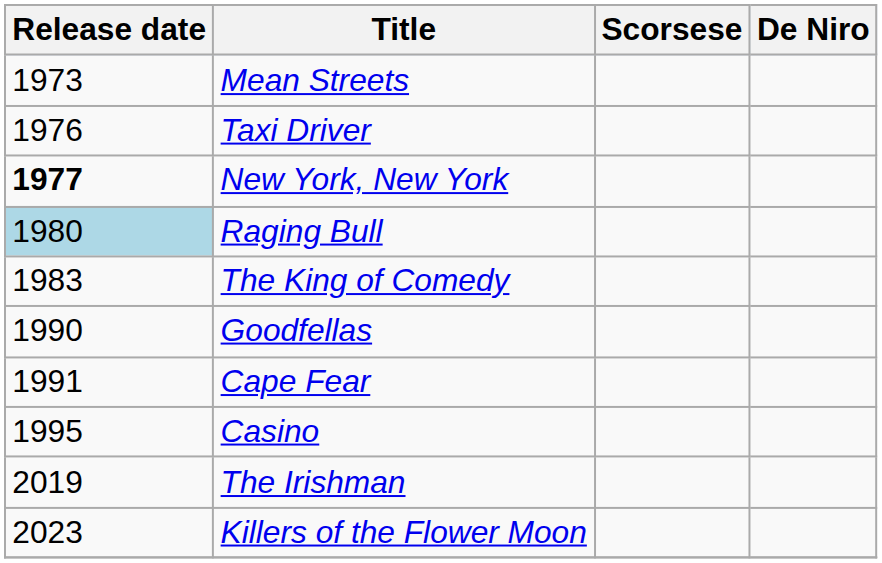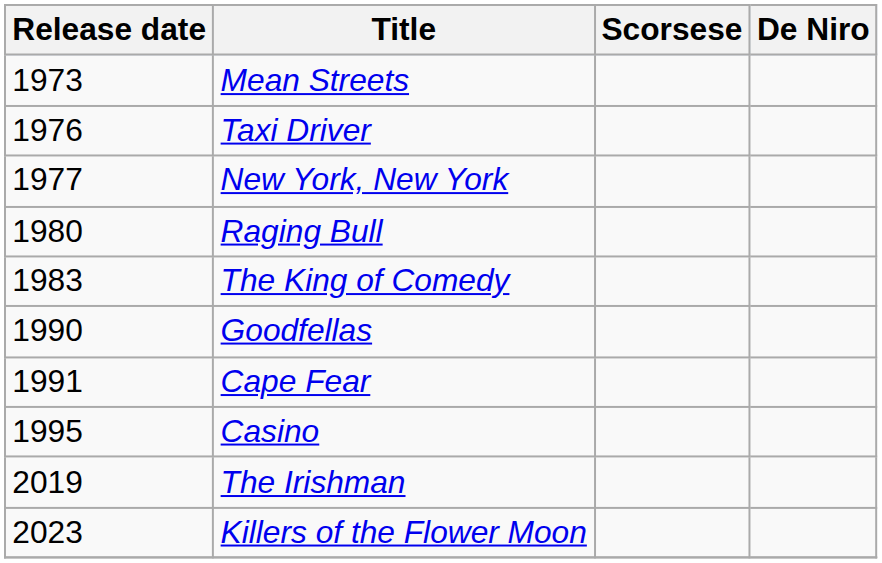 <table class="wikitable unsortable">
 <tr style="background:#b0c4de; text-align:center;">
 <th>Release date</th>
 <th>Title</th>
 <th>Scorsese</th>
 <th>De Niro</th>
 </tr>
 <tr>
 <td>1973</td>
 <td><em><a href='#'>Mean Streets</a></em></td>
 <td></td>
 <td></td>
 </tr>
 <tr>
 <td>1976</td>
 <td><em><a href='#'>Taxi Driver</a></em></td>
 <td></td>
 <td></td>
 </tr>
 <tr>
-<td><strong>1977</strong></td>
+<td>1977</td>
 <td><em><a href='#'>New York, New York</a></em></td>
 <td></td>
 <td></td>
 </tr>
 <tr>
-<td style="background: lightblue;">1980</td>
+<td>1980</td>
 <td><em><a href='#'>Raging Bull</a></em></td>
 <td></td>
 <td></td>
 </tr>
 <tr>
 <td>1983</td>
 <td><em><a href='#'>The King of Comedy</a></em></td>
 <td></td>
 <td></td>
 </tr>
 <tr>
 <td>1990</td>
 <td><em><a href='#'>Goodfellas</a></em></td>
 <td></td>
 <td></td>
 </tr>
 <tr>
 <td>1991</td>
 <td><em><a href='#'>Cape Fear</a></em></td>
 <td></td>
 <td></td>
 </tr>
 <tr>
 <td>1995</td>
 <td><em><a href='#'>Casino</a></em></td>
 <td></td>
 <td></td>
 </tr>
 <tr>
 <td>2019</td>
 <td><em><a href='#'>The Irishman</a></em></td>
 <td></td>
 <td></td>
 </tr>
 <tr>
 <td>2023</td>
 <td><em><a href='#'>Killers of the Flower Moon</a></em></td>
 <td></td>
 <td></td>
 </tr>
 <tr>
 </tr>
 </table>
